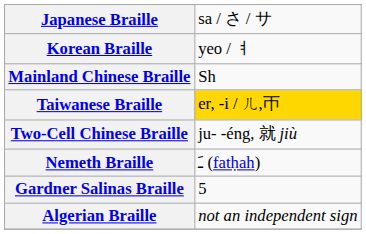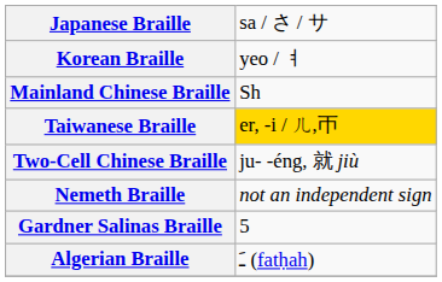 <table class="wikitable">
 <tr>
 <th align=left><a href='#'>Japanese Braille</a></th>
 <td>sa / さ / サ </td>
 </tr>
 <tr>
 <th align=left><a href='#'>Korean Braille</a></th>
 <td>yeo / ㅕ </td>
 </tr>
 <tr>
 <th align=left><a href='#'>Mainland Chinese Braille</a></th>
 <td>Sh </td>
 </tr>
 <tr>
 <th align=left><a href='#'>Taiwanese Braille</a></th>
 <td style="background: gold;">er, -i / ㄦ,ㄭ</td>
 </tr>
 <tr>
 <th align=left><a href='#'>Two-Cell Chinese Braille</a></th>
 <td>ju- -éng, 就 <em>jiù</em></td>
 </tr>
 <tr>
 <th align=left><a href='#'>Nemeth Braille</a></th>
-<td>ـَ (<a href='#'>fatḥah</a>) ‎</td>
+<td><em>not an independent sign</em> </td>
 </tr>
 <tr>
 <th align=left><a href='#'>Gardner Salinas Braille</a></th>
 <td>5 </td>
 </tr>
 <tr>
 <th align=left><a href='#'>Algerian Braille</a></th>
-<td><em>not an independent sign</em> </td>
+<td>ـَ (<a href='#'>fatḥah</a>) ‎</td>
 </tr>
 <tr>
 </tr>
 </table>
